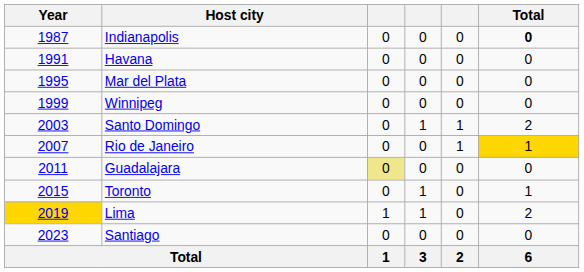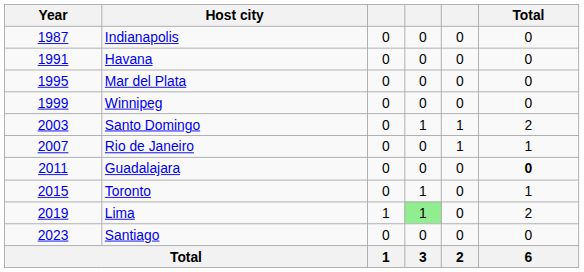 <table class="wikitable sortable" style=" text-align:center; font-size:95%;" width="50%">
 <tr>
 <th>Year</th>
 <th>Host city</th>
 <th></th>
 <th></th>
 <th></th>
 <th>Total</th>
 </tr>
 <tr>
 <td><a href='#'>1987</a></td>
 <td align=left> <a href='#'>Indianapolis</a></td>
 <td>0</td>
 <td>0</td>
 <td>0</td>
-<td><strong>0</strong></td>
+<td>0</td>
 </tr>
 <tr>
 <td><a href='#'>1991</a></td>
 <td align=left> <a href='#'>Havana</a></td>
 <td>0</td>
 <td>0</td>
 <td>0</td>
 <td>0</td>
 </tr>
 <tr>
 <td><a href='#'>1995</a></td>
 <td align=left> <a href='#'>Mar del Plata</a></td>
 <td>0</td>
 <td>0</td>
 <td>0</td>
 <td>0</td>
 </tr>
 <tr>
 <td><a href='#'>1999</a></td>
 <td align=left> <a href='#'>Winnipeg</a></td>
 <td>0</td>
 <td>0</td>
 <td>0</td>
 <td>0</td>
 </tr>
 <tr>
 <td><a href='#'>2003</a></td>
 <td align=left> <a href='#'>Santo Domingo</a></td>
 <td>0</td>
 <td>1</td>
 <td>1</td>
 <td>2</td>
 </tr>
 <tr>
 <td><a href='#'>2007</a></td>
 <td align=left> <a href='#'>Rio de Janeiro</a></td>
 <td>0</td>
 <td>0</td>
 <td>1</td>
-<td style="background: gold;">1</td>
+<td>1</td>
 </tr>
 <tr>
 <td><a href='#'>2011</a></td>
 <td align=left> <a href='#'>Guadalajara</a></td>
-<td style="background: khaki;">0</td>
 <td>0</td>
 <td>0</td>
 <td>0</td>
+<td><strong>0</strong></td>
 </tr>
 <tr>
 <td><a href='#'>2015</a></td>
 <td align=left> <a href='#'>Toronto</a></td>
 <td>0</td>
 <td>1</td>
 <td>0</td>
 <td>1</td>
 </tr>
 <tr>
-<td style="background: gold;"><a href='#'>2019</a></td>
+<td><a href='#'>2019</a></td>
 <td align=left> <a href='#'>Lima</a></td>
 <td>1</td>
-<td>1</td>
+<td style="background: lightgreen;">1</td>
 <td>0</td>
 <td>2</td>
 </tr>
 <tr>
 <td><a href='#'>2023</a></td>
 <td align=left> <a href='#'>Santiago</a></td>
 <td>0</td>
 <td>0</td>
 <td>0</td>
 <td>0</td>
 </tr>
 <tr>
 <th colspan="2">Total</th>
 <th>1</th>
 <th>3</th>
 <th>2</th>
 <th>6</th>
 </tr>
 </table>
